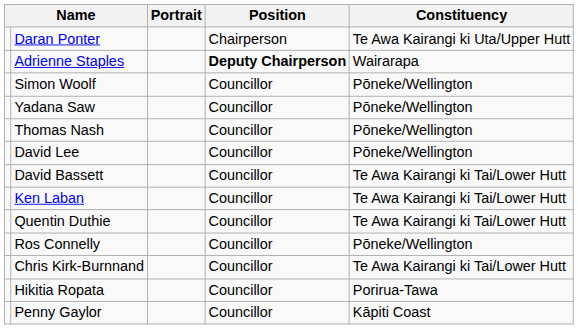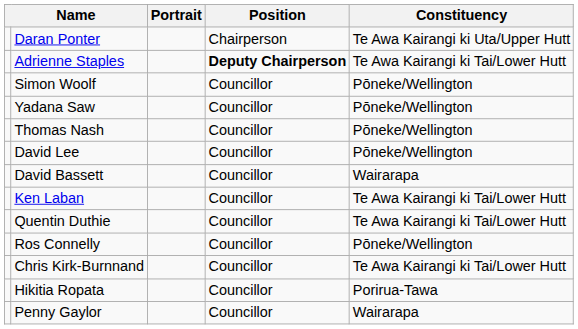 <table class="wikitable">
 <tr>
 <th colspan=2>Name</th>
 <th>Portrait</th>
 <th>Position</th>
 <th>Constituency</th>
 </tr>
 <tr>
 <td style="background:"></td>
 <td><a href='#'>Daran Ponter</a></td>
 <td></td>
 <td>Chairperson</td>
 <td>Te Awa Kairangi ki Uta/Upper Hutt</td>
 </tr>
 <tr>
 <td style="background:"></td>
 <td><a href='#'>Adrienne Staples</a></td>
 <td></td>
 <td><strong>Deputy Chairperson</strong></td>
-<td>Wairarapa</td>
+<td>Te Awa Kairangi ki Tai/Lower Hutt</td>
 </tr>
 <tr>
 <td style="background:"></td>
 <td>Simon Woolf</td>
 <td></td>
 <td>Councillor</td>
 <td>Pōneke/Wellington</td>
 </tr>
 <tr>
 <td style="background:"></td>
 <td>Yadana Saw</td>
 <td></td>
 <td>Councillor</td>
 <td>Pōneke/Wellington</td>
 </tr>
 <tr>
 <td style="background:"></td>
 <td>Thomas Nash</td>
 <td></td>
 <td>Councillor</td>
 <td>Pōneke/Wellington</td>
 </tr>
 <tr>
 <td style="background:"></td>
 <td>David Lee</td>
 <td></td>
 <td>Councillor</td>
 <td>Pōneke/Wellington</td>
 </tr>
 <tr>
 <td style="background:"></td>
 <td>David Bassett</td>
 <td></td>
 <td>Councillor</td>
-<td>Te Awa Kairangi ki Tai/Lower Hutt</td>
+<td>Wairarapa</td>
 </tr>
 <tr>
 <td style="background:"></td>
 <td><a href='#'>Ken Laban</a></td>
 <td></td>
 <td>Councillor</td>
 <td>Te Awa Kairangi ki Tai/Lower Hutt</td>
 </tr>
 <tr>
 <td style="background:"></td>
 <td>Quentin Duthie</td>
 <td></td>
 <td>Councillor</td>
 <td>Te Awa Kairangi ki Tai/Lower Hutt</td>
 </tr>
 <tr>
 <td style="background:"></td>
 <td>Ros Connelly</td>
 <td></td>
 <td>Councillor</td>
 <td>Pōneke/Wellington</td>
 </tr>
 <tr>
 <td style="background:"></td>
 <td>Chris Kirk-Burnnand</td>
 <td></td>
 <td>Councillor</td>
 <td>Te Awa Kairangi ki Tai/Lower Hutt</td>
 </tr>
 <tr>
 <td style="background:"></td>
 <td>Hikitia Ropata</td>
 <td></td>
 <td>Councillor</td>
 <td>Porirua-Tawa</td>
 </tr>
 <tr>
 <td style="background:"></td>
 <td>Penny Gaylor</td>
 <td></td>
 <td>Councillor</td>
-<td>Kāpiti Coast</td>
+<td>Wairarapa</td>
 </tr>
 </table>
